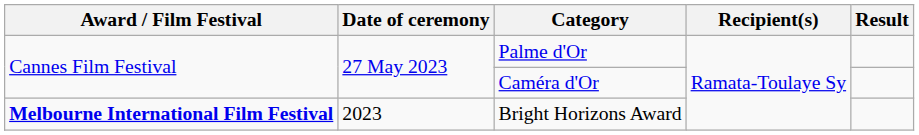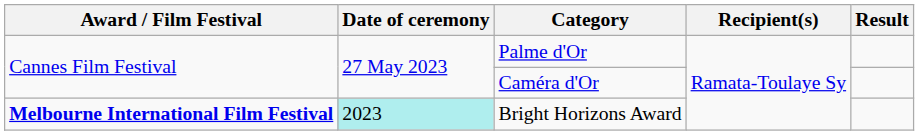 <table class="wikitable sortable plainrowheaders">
 <tr>
 <th scope="col">Award / Film Festival</th>
 <th scope="col">Date of ceremony</th>
 <th scope="col">Category</th>
 <th scope="col">Recipient(s)</th>
 <th scope="col">Result</th>
 </tr>
 <tr>
 <td scope="row" rowspan="2"><a href='#'>Cannes Film Festival</a></td>
 <td rowspan="2"><a href='#'>27 May 2023</a></td>
 <td><a href='#'>Palme d'Or</a></td>
 <td rowspan="3"><a href='#'>Ramata-Toulaye Sy</a></td>
 <td></td>
 </tr>
 <tr>
 <td><a href='#'>Caméra d'Or</a></td>
 <td></td>
 </tr>
 <tr>
 <td><strong><a href='#'>Melbourne International Film Festival</a></strong></td>
-<td>2023</td>
+<td style="background: paleturquoise;">2023</td>
 <td>Bright Horizons Award</td>
 <td></td>
 </tr>
 </table>
